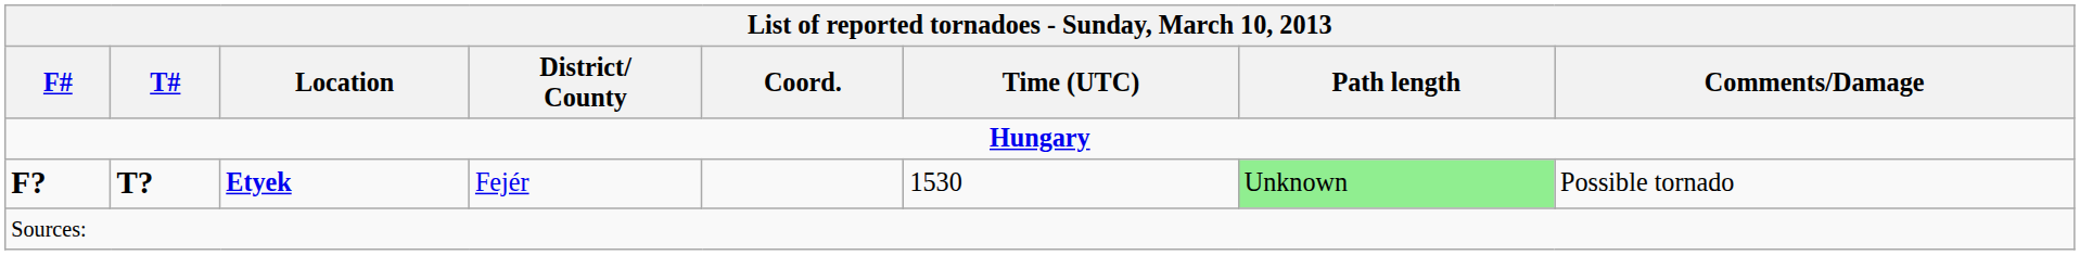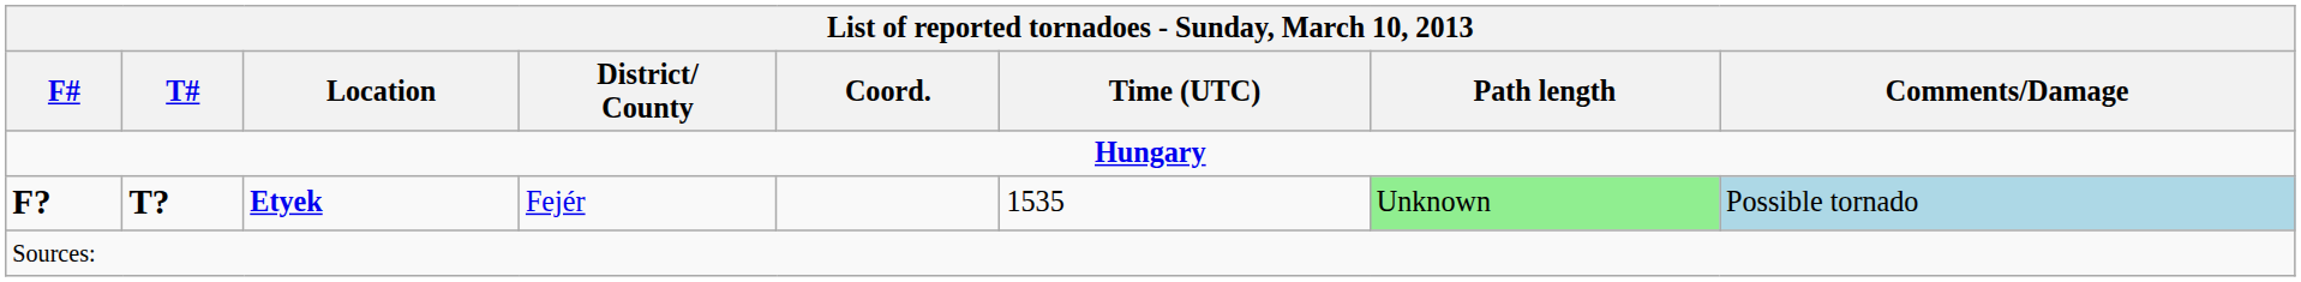 <table class="wikitable collapsible" width="100%">
 <tr>
 <th colspan="8">List of reported tornadoes - Sunday, March 10, 2013</th>
 </tr>
 <tr>
 <th><a href='#'>F#</a></th>
 <th><a href='#'>T#</a></th>
 <th>Location</th>
 <th>District/<br>County</th>
 <th>Coord.</th>
 <th>Time (UTC)</th>
 <th>Path length</th>
 <th>Comments/Damage</th>
 </tr>
 <tr>
 <td colspan="8" align=center><strong><a href='#'>Hungary</a></strong></td>
 </tr>
 <tr>
 <td><big><strong>F?</strong></big></td>
 <td><big><strong>T?</strong></big></td>
 <td><strong><a href='#'>Etyek</a></strong></td>
 <td><a href='#'>Fejér</a></td>
 <td></td>
-<td>1530</td>
+<td>1535</td>
 <td style="background: lightgreen;">Unknown</td>
-<td>Possible tornado</td>
+<td style="background: lightblue;">Possible tornado</td>
 </tr>
 <tr>
 <td colspan="8"><small>Sources:  </small></td>
 </tr>
 </table>
